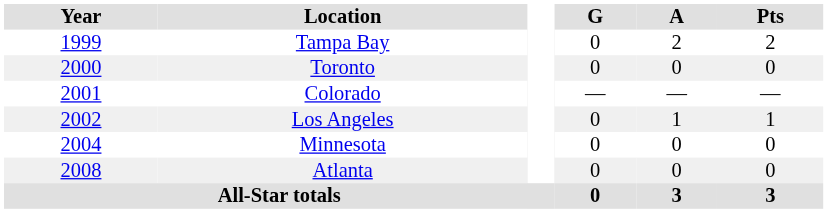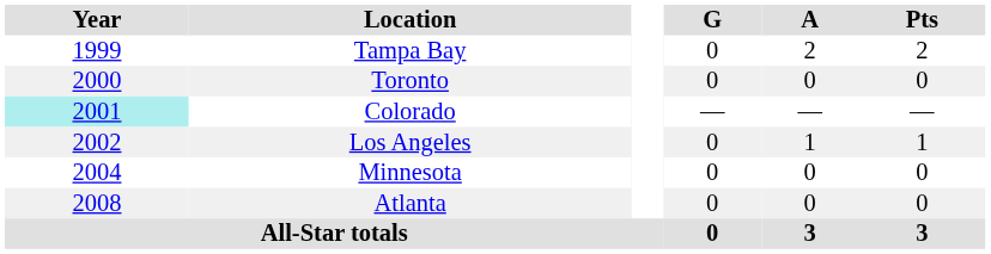 <table border="0" cellpadding="1" cellspacing="0" style="text-align:center; width:40em">
 <tr ALIGN="center" bgcolor="#e0e0e0">
 <th>Year</th>
 <th>Location</th>
 <th rowspan="99" bgcolor="#ffffff"> </th>
 <th>G</th>
 <th>A</th>
 <th>Pts</th>
 </tr>
 <tr ALIGN="center">
 <td><a href='#'>1999</a></td>
 <td><a href='#'>Tampa Bay</a></td>
 <td>0</td>
 <td>2</td>
 <td>2</td>
 </tr>
 <tr ALIGN="center" bgcolor="#f0f0f0">
 <td><a href='#'>2000</a></td>
 <td><a href='#'>Toronto</a></td>
 <td>0</td>
 <td>0</td>
 <td>0</td>
 </tr>
 <tr ALIGN="center">
-<td><a href='#'>2001</a></td>
+<td style="background: paleturquoise;"><a href='#'>2001</a></td>
 <td><a href='#'>Colorado</a></td>
 <td>—</td>
 <td>—</td>
 <td>—</td>
 </tr>
 <tr ALIGN="center" bgcolor="#f0f0f0">
 <td><a href='#'>2002</a></td>
 <td><a href='#'>Los Angeles</a></td>
 <td>0</td>
 <td>1</td>
 <td>1</td>
 </tr>
 <tr ALIGN="center">
 <td><a href='#'>2004</a></td>
 <td><a href='#'>Minnesota</a></td>
 <td>0</td>
 <td>0</td>
 <td>0</td>
 </tr>
 <tr ALIGN="center" bgcolor="#f0f0f0">
 <td><a href='#'>2008</a></td>
 <td><a href='#'>Atlanta</a></td>
 <td>0</td>
 <td>0</td>
 <td>0</td>
 </tr>
 <tr ALIGN="center" bgcolor="#e0e0e0">
 <th colspan=3>All-Star totals</th>
 <th>0</th>
 <th>3</th>
 <th>3</th>
 </tr>
 </table>
